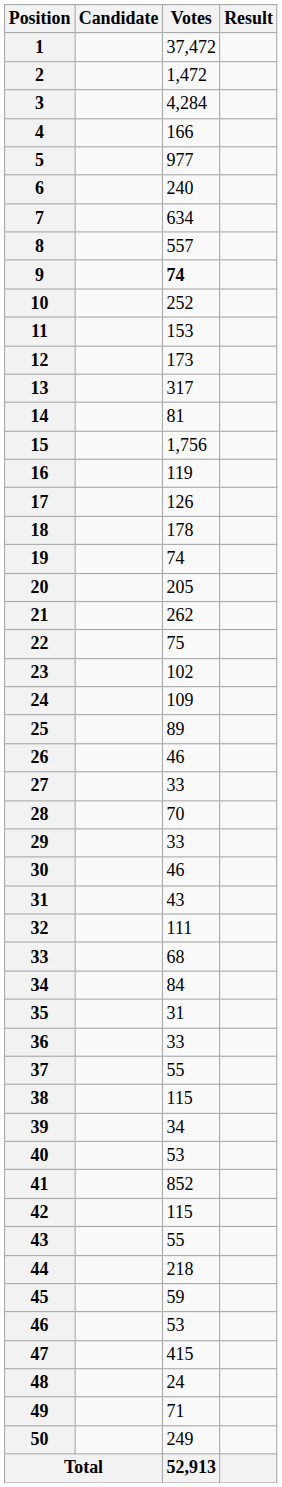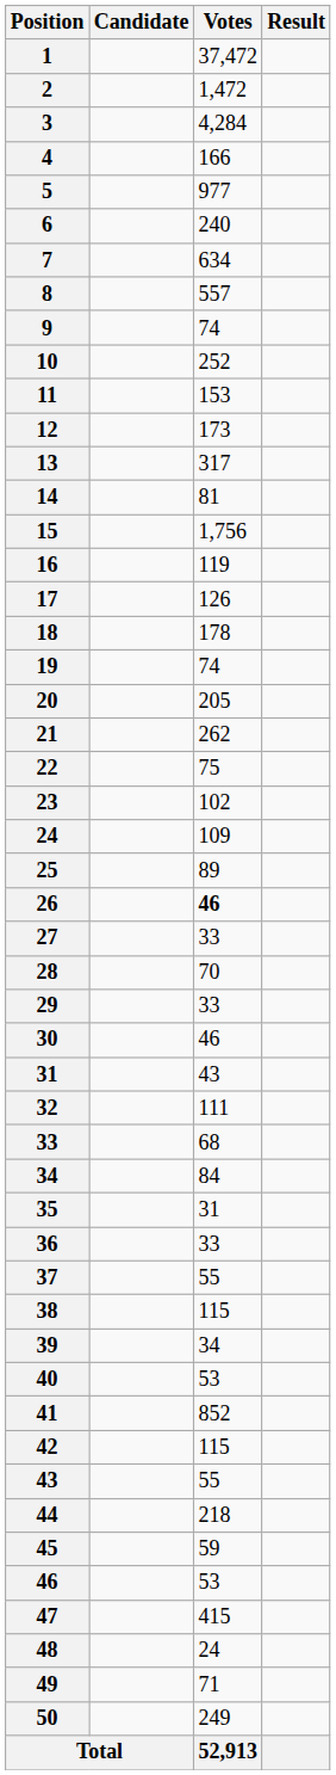 <table class="wikitable sortable col3right">
 <tr>
 <th scope="col">Position</th>
 <th scope="col">Candidate</th>
 <th scope="col">Votes</th>
 <th scope="col">Result</th>
 </tr>
 <tr>
 <th scope="row">1</th>
 <td></td>
 <td>37,472</td>
 <td></td>
 </tr>
 <tr>
 <th scope="row">2</th>
 <td></td>
 <td>1,472</td>
 <td></td>
 </tr>
 <tr>
 <th scope="row">3</th>
 <td></td>
 <td>4,284</td>
 <td></td>
 </tr>
 <tr>
 <th scope="row">4</th>
 <td></td>
 <td>166</td>
 <td></td>
 </tr>
 <tr>
 <th scope="row">5</th>
 <td></td>
 <td>977</td>
 <td></td>
 </tr>
 <tr>
 <th scope="row">6</th>
 <td></td>
 <td>240</td>
 <td></td>
 </tr>
 <tr>
 <th scope="row">7</th>
 <td></td>
 <td>634</td>
 <td></td>
 </tr>
 <tr>
 <th scope="row">8</th>
 <td></td>
 <td>557</td>
 <td></td>
 </tr>
 <tr>
 <th scope="row">9</th>
 <td></td>
-<td><strong>74</strong></td>
+<td>74</td>
 <td></td>
 </tr>
 <tr>
 <th scope="row">10</th>
 <td></td>
 <td>252</td>
 <td></td>
 </tr>
 <tr>
 <th scope="row">11</th>
 <td></td>
 <td>153</td>
 <td></td>
 </tr>
 <tr>
 <th scope="row">12</th>
 <td></td>
 <td>173</td>
 <td></td>
 </tr>
 <tr>
 <th scope="row">13</th>
 <td></td>
 <td>317</td>
 <td></td>
 </tr>
 <tr>
 <th scope="row">14</th>
 <td></td>
 <td>81</td>
 <td></td>
 </tr>
 <tr>
 <th scope="row">15</th>
 <td></td>
 <td>1,756</td>
 <td></td>
 </tr>
 <tr>
 <th scope="row">16</th>
 <td></td>
 <td>119</td>
 <td></td>
 </tr>
 <tr>
 <th scope="row">17</th>
 <td></td>
 <td>126</td>
 <td></td>
 </tr>
 <tr>
 <th scope="row">18</th>
 <td></td>
 <td>178</td>
 <td></td>
 </tr>
 <tr>
 <th scope="row">19</th>
 <td></td>
 <td>74</td>
 <td></td>
 </tr>
 <tr>
 <th scope="row">20</th>
 <td></td>
 <td>205</td>
 <td></td>
 </tr>
 <tr>
 <th scope="row">21</th>
 <td></td>
 <td>262</td>
 <td></td>
 </tr>
 <tr>
 <th scope="row">22</th>
 <td></td>
 <td>75</td>
 <td></td>
 </tr>
 <tr>
 <th scope="row">23</th>
 <td></td>
 <td>102</td>
 <td></td>
 </tr>
 <tr>
 <th scope="row">24</th>
 <td></td>
 <td>109</td>
 <td></td>
 </tr>
 <tr>
 <th scope="row">25</th>
 <td></td>
 <td>89</td>
 <td></td>
 </tr>
 <tr>
 <th scope="row">26</th>
 <td></td>
-<td>46</td>
+<td><strong>46</strong></td>
 <td></td>
 </tr>
 <tr>
 <th scope="row">27</th>
 <td></td>
 <td>33</td>
 <td></td>
 </tr>
 <tr>
 <th scope="row">28</th>
 <td></td>
 <td>70</td>
 <td></td>
 </tr>
 <tr>
 <th scope="row">29</th>
 <td></td>
 <td>33</td>
 <td></td>
 </tr>
 <tr>
 <th scope="row">30</th>
 <td></td>
 <td>46</td>
 <td></td>
 </tr>
 <tr>
 <th scope="row">31</th>
 <td></td>
 <td>43</td>
 <td></td>
 </tr>
 <tr>
 <th scope="row">32</th>
 <td></td>
 <td>111</td>
 <td></td>
 </tr>
 <tr>
 <th scope="row">33</th>
 <td></td>
 <td>68</td>
 <td></td>
 </tr>
 <tr>
 <th scope="row">34</th>
 <td></td>
 <td>84</td>
 <td></td>
 </tr>
 <tr>
 <th scope="row">35</th>
 <td></td>
 <td>31</td>
 <td></td>
 </tr>
 <tr>
 <th scope="row">36</th>
 <td></td>
 <td>33</td>
 <td></td>
 </tr>
 <tr>
 <th scope="row">37</th>
 <td></td>
 <td>55</td>
 <td></td>
 </tr>
 <tr>
 <th scope="row">38</th>
 <td></td>
 <td>115</td>
 <td></td>
 </tr>
 <tr>
 <th scope="row">39</th>
 <td></td>
 <td>34</td>
 <td></td>
 </tr>
 <tr>
 <th scope="row">40</th>
 <td></td>
 <td>53</td>
 <td></td>
 </tr>
 <tr>
 <th scope="row">41</th>
 <td></td>
 <td>852</td>
 <td></td>
 </tr>
 <tr>
 <th scope="row">42</th>
 <td></td>
 <td>115</td>
 <td></td>
 </tr>
 <tr>
 <th scope="row">43</th>
 <td></td>
 <td>55</td>
 <td></td>
 </tr>
 <tr>
 <th scope="row">44</th>
 <td></td>
 <td>218</td>
 <td></td>
 </tr>
 <tr>
 <th scope="row">45</th>
 <td></td>
 <td>59</td>
 <td></td>
 </tr>
 <tr>
 <th scope="row">46</th>
 <td></td>
 <td>53</td>
 <td></td>
 </tr>
 <tr>
 <th scope="row">47</th>
 <td></td>
 <td>415</td>
 <td></td>
 </tr>
 <tr>
 <th scope="row">48</th>
 <td></td>
 <td>24</td>
 <td></td>
 </tr>
 <tr>
 <th scope="row">49</th>
 <td></td>
 <td>71</td>
 <td></td>
 </tr>
 <tr>
 <th scope="row">50</th>
 <td></td>
 <td>249</td>
 <td></td>
 </tr>
 <tr class=sortbottom>
 <th scope="row" colspan="2">Total</th>
 <th style="text-align:right">52,913</th>
 <th></th>
 </tr>
 </table>
